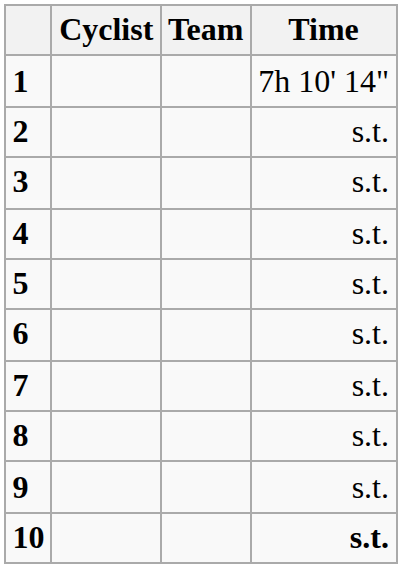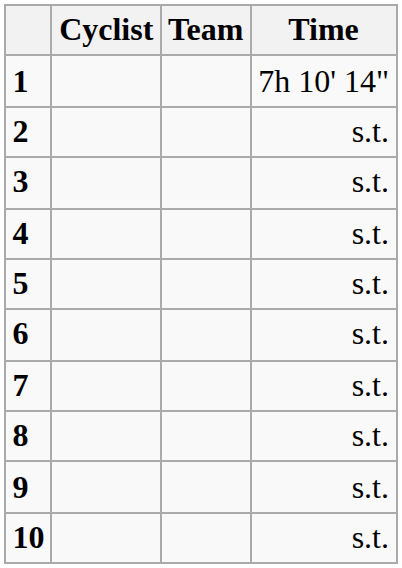 <table class="wikitable">
 <tr style="background:#ccccff;">
 <th></th>
 <th>Cyclist</th>
 <th>Team</th>
 <th>Time</th>
 </tr>
 <tr>
 <td><strong>1</strong></td>
 <td></td>
 <td></td>
 <td align=right>7h 10' 14"</td>
 </tr>
 <tr>
 <td><strong>2</strong></td>
 <td></td>
 <td></td>
 <td align=right>s.t.</td>
 </tr>
 <tr>
 <td><strong>3</strong></td>
 <td></td>
 <td></td>
 <td align=right>s.t.</td>
 </tr>
 <tr>
 <td><strong>4</strong></td>
 <td></td>
 <td></td>
 <td align=right>s.t.</td>
 </tr>
 <tr>
 <td><strong>5</strong></td>
 <td></td>
 <td></td>
 <td align=right>s.t.</td>
 </tr>
 <tr>
 <td><strong>6</strong></td>
 <td></td>
 <td></td>
 <td align=right>s.t.</td>
 </tr>
 <tr>
 <td><strong>7</strong></td>
 <td></td>
 <td></td>
 <td align=right>s.t.</td>
 </tr>
 <tr>
 <td><strong>8</strong></td>
 <td></td>
 <td></td>
 <td align=right>s.t.</td>
 </tr>
 <tr>
 <td><strong>9</strong></td>
 <td></td>
 <td></td>
 <td align=right>s.t.</td>
 </tr>
 <tr>
 <td><strong>10</strong></td>
 <td></td>
 <td></td>
-<td align=right><strong>s.t.</strong></td>
+<td align=right>s.t.</td>
 </tr>
 <tr>
 </tr>
 </table>
